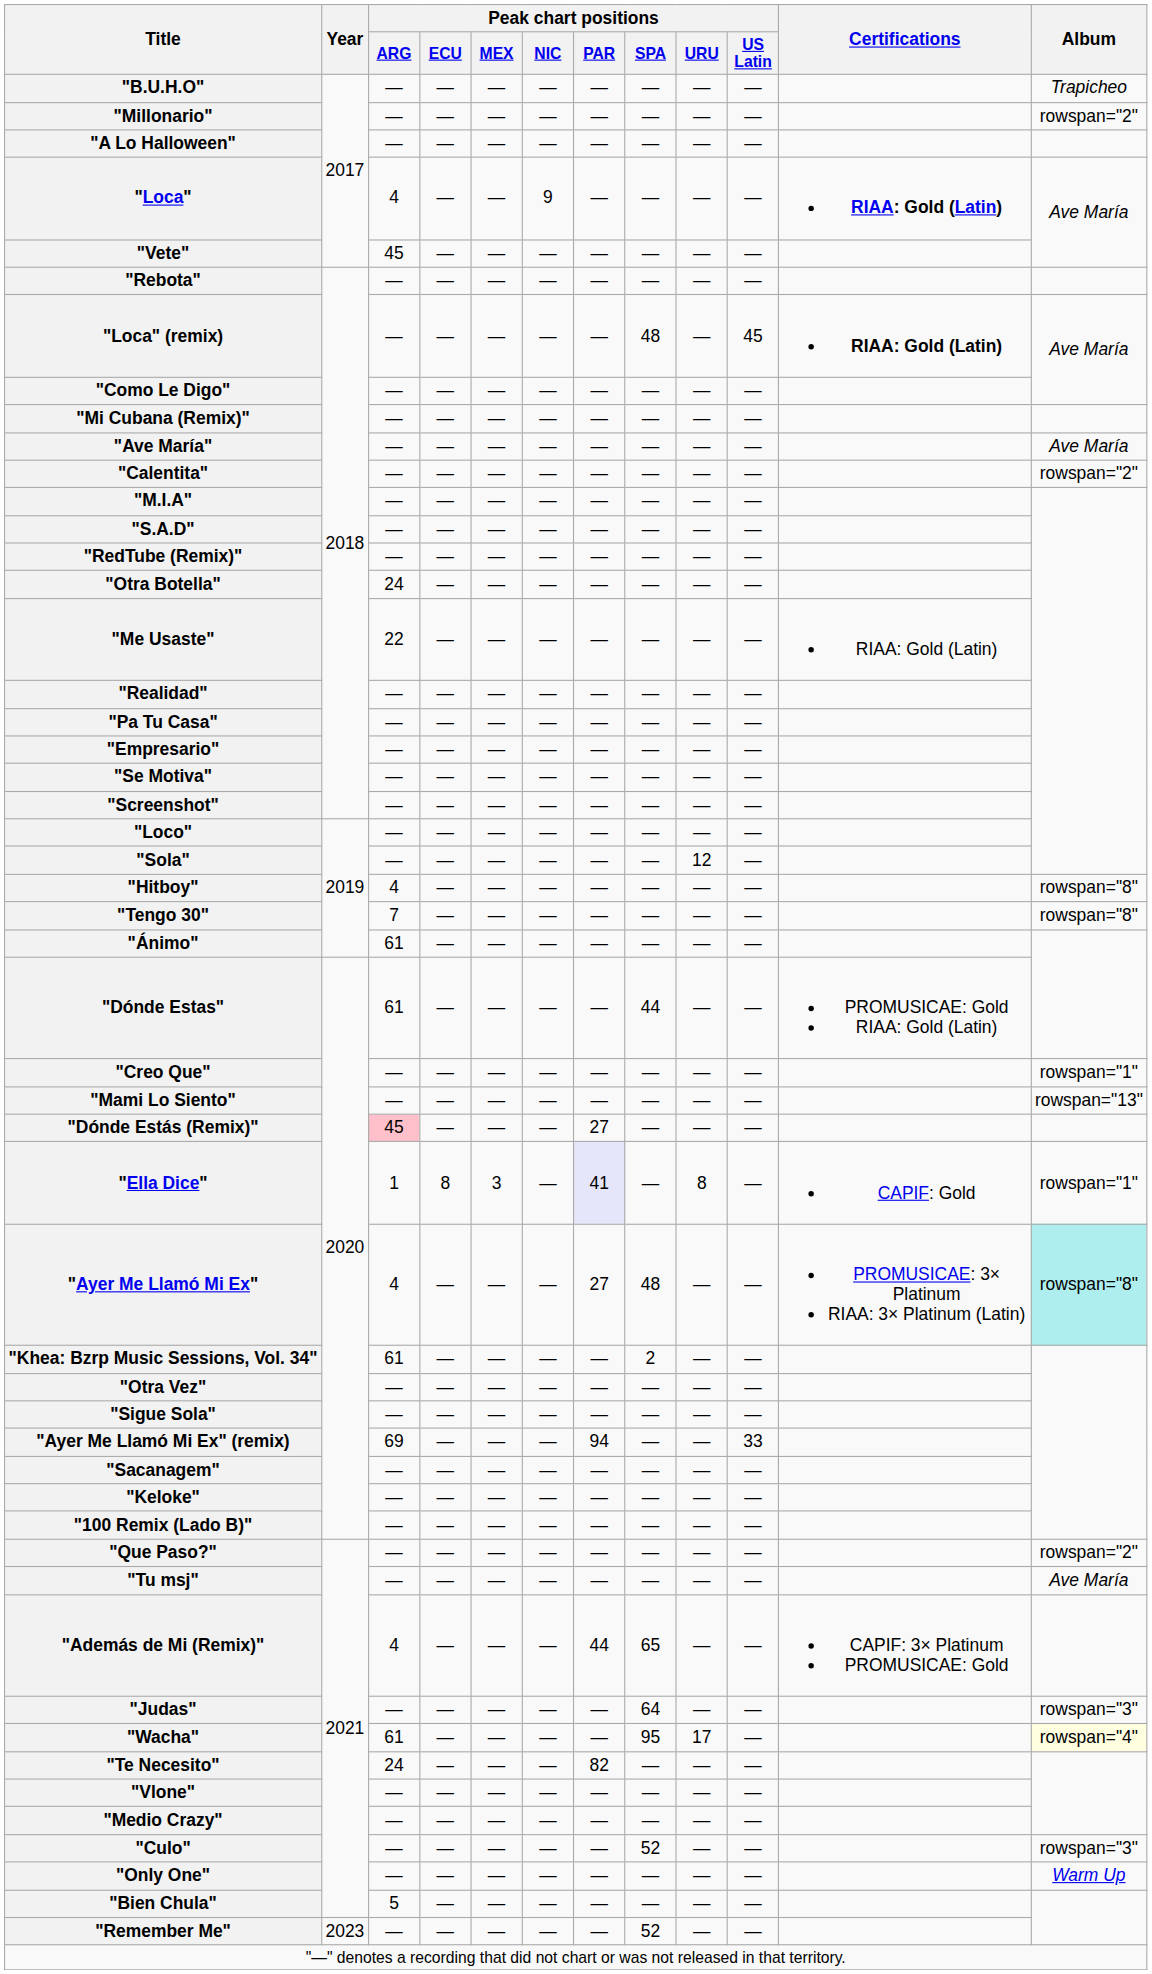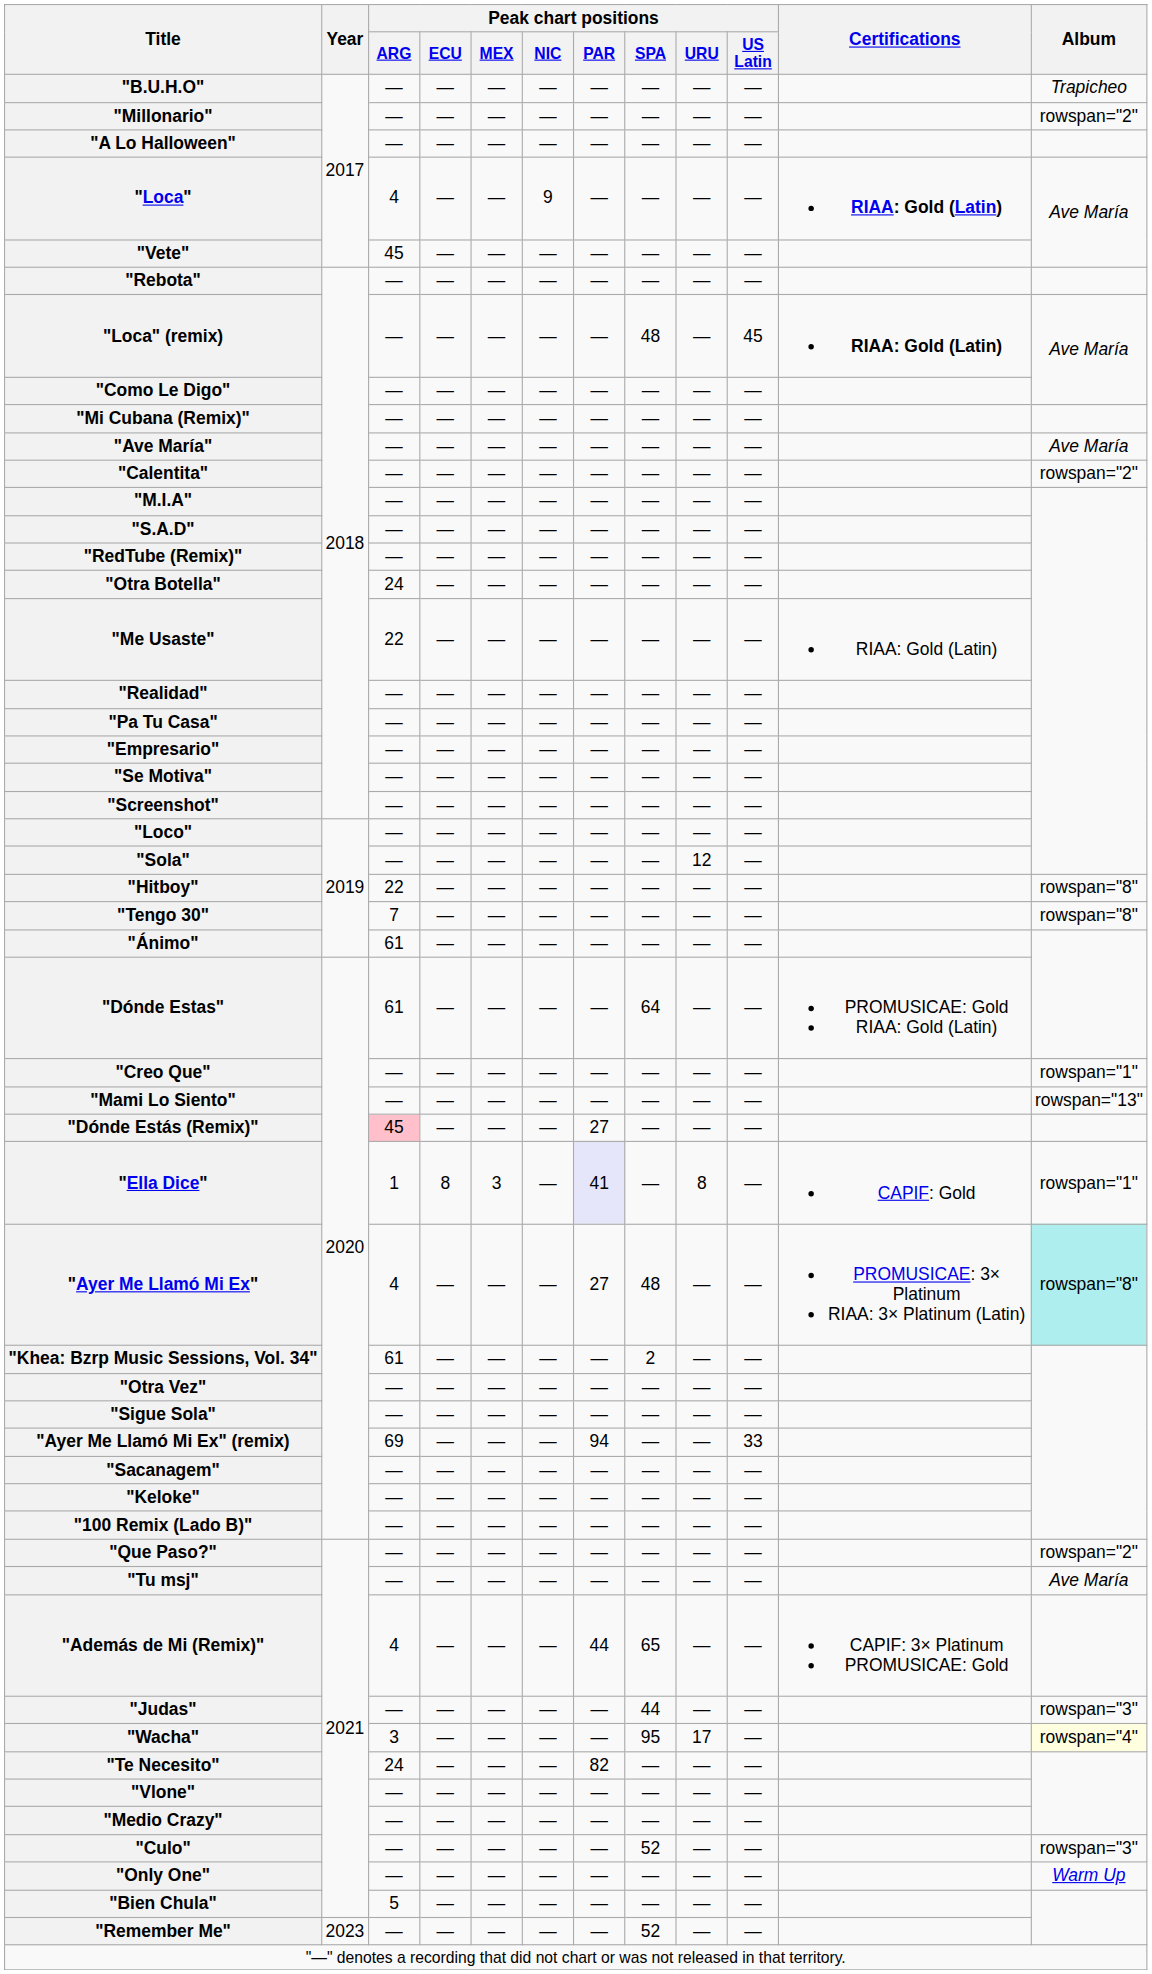 <table class="wikitable plainrowheaders" style="text-align:center;">
 <tr>
 <th scope="col" rowspan="2">Title</th>
 <th scope="col" rowspan="2">Year</th>
 <th scope="col" colspan="8">Peak chart positions</th>
 <th scope="col" rowspan="2" style="width:14em;"><a href='#'>Certifications</a></th>
 <th scope="col" rowspan="2">Album</th>
 </tr>
 <tr>
 <th scope="col" style="width:2.8em;font-size:90%;"><a href='#'>ARG</a><br></th>
 <th scope="col" style="width:2.8em;font-size:90%;"><a href='#'>ECU</a><br></th>
 <th scope="col" style="width:2.8em;font-size:90%;"><a href='#'>MEX</a><br></th>
 <th scope="col" style="width:2.8em;font-size:90%;"><a href='#'>NIC</a><br></th>
 <th scope="col" style="width:2.8em;font-size:90%;"><a href='#'>PAR</a><br></th>
 <th scope="col" style="width:2.8em;font-size:90%;"><a href='#'>SPA</a><br></th>
 <th scope="col" style="width:2.8em;font-size:90%;"><a href='#'>URU</a><br></th>
 <th scope="col" style="width:2.8em;font-size:90%;"><a href='#'>US<br>Latin</a><br></th>
 </tr>
 <tr>
 <th scope="row">"B.U.H.O"<br></th>
 <td rowspan="5">2017</td>
 <td>—</td>
 <td>—</td>
 <td>—</td>
 <td>—</td>
 <td>—</td>
 <td>—</td>
 <td>—</td>
 <td>—</td>
 <td></td>
 <td><em>Trapicheo</em></td>
 </tr>
 <tr>
 <th scope="row">"Millonario"<br></th>
 <td>—</td>
 <td>—</td>
 <td>—</td>
 <td>—</td>
 <td>—</td>
 <td>—</td>
 <td>—</td>
 <td>—</td>
 <td></td>
 <td>rowspan="2" </td>
 </tr>
 <tr>
 <th scope="row">"A Lo Halloween"<br></th>
 <td>—</td>
 <td>—</td>
 <td>—</td>
 <td>—</td>
 <td>—</td>
 <td>—</td>
 <td>—</td>
 <td>—</td>
 <td></td>
 <td></td>
 </tr>
 <tr>
 <th scope="row">"<a href='#'>Loca</a>"<br></th>
 <td>4</td>
 <td>—</td>
 <td>—</td>
 <td>9</td>
 <td>—</td>
 <td>—</td>
 <td>—</td>
 <td>—</td>
 <td><strong><br><ul><li><a href='#'>RIAA</a>: Gold <span>(<a href='#'>Latin</a>)</span></li></ul></strong></td>
 <td rowspan="2"><em>Ave María</em></td>
 </tr>
 <tr>
 <th scope="row">"Vete"</th>
 <td>45</td>
 <td>—</td>
 <td>—</td>
 <td>—</td>
 <td>—</td>
 <td>—</td>
 <td>—</td>
 <td>—</td>
 <td></td>
 </tr>
 <tr>
 <th scope="row">"Rebota"<br></th>
 <td rowspan="16">2018</td>
 <td>—</td>
 <td>—</td>
 <td>—</td>
 <td>—</td>
 <td>—</td>
 <td>—</td>
 <td>—</td>
 <td>—</td>
 <td></td>
 <td></td>
 </tr>
 <tr>
 <th scope="row">"Loca" (remix)<br></th>
 <td>—</td>
 <td>—</td>
 <td>—</td>
 <td>—</td>
 <td>—</td>
 <td>48</td>
 <td>—</td>
 <td>45</td>
 <td><strong><br><ul><li>RIAA: Gold <span>(Latin)</span></li></ul></strong></td>
 <td rowspan="2"><em>Ave María</em></td>
 </tr>
 <tr>
 <th scope="row">"Como Le Digo"</th>
 <td>—</td>
 <td>—</td>
 <td>—</td>
 <td>—</td>
 <td>—</td>
 <td>—</td>
 <td>—</td>
 <td>—</td>
 <td></td>
 </tr>
 <tr>
 <th scope="row">"Mi Cubana (Remix)"<br></th>
 <td>—</td>
 <td>—</td>
 <td>—</td>
 <td>—</td>
 <td>—</td>
 <td>—</td>
 <td>—</td>
 <td>—</td>
 <td></td>
 <td></td>
 </tr>
 <tr>
 <th scope="row">"Ave María"<br></th>
 <td>—</td>
 <td>—</td>
 <td>—</td>
 <td>—</td>
 <td>—</td>
 <td>—</td>
 <td>—</td>
 <td>—</td>
 <td></td>
 <td><em>Ave María</em></td>
 </tr>
 <tr>
 <th scope="row">"Calentita"<br></th>
 <td>—</td>
 <td>—</td>
 <td>—</td>
 <td>—</td>
 <td>—</td>
 <td>—</td>
 <td>—</td>
 <td>—</td>
 <td></td>
 <td>rowspan="2" </td>
 </tr>
 <tr>
 <th scope="row">"M.I.A"<br></th>
 <td>—</td>
 <td>—</td>
 <td>—</td>
 <td>—</td>
 <td>—</td>
 <td>—</td>
 <td>—</td>
 <td>—</td>
 <td></td>
 </tr>
 <tr>
 <th scope="row">"S.A.D"</th>
 <td>—</td>
 <td>—</td>
 <td>—</td>
 <td>—</td>
 <td>—</td>
 <td>—</td>
 <td>—</td>
 <td>—</td>
 <td></td>
 </tr>
 <tr>
 <th scope="row">"RedTube (Remix)"<br></th>
 <td>—</td>
 <td>—</td>
 <td>—</td>
 <td>—</td>
 <td>—</td>
 <td>—</td>
 <td>—</td>
 <td>—</td>
 <td></td>
 </tr>
 <tr>
 <th scope="row">"Otra Botella"<br></th>
 <td>24</td>
 <td>—</td>
 <td>—</td>
 <td>—</td>
 <td>—</td>
 <td>—</td>
 <td>—</td>
 <td>—</td>
 <td></td>
 </tr>
 <tr>
 <th scope="row">"Me Usaste"<br></th>
 <td>22</td>
 <td>—</td>
 <td>—</td>
 <td>—</td>
 <td>—</td>
 <td>—</td>
 <td>—</td>
 <td>—</td>
 <td><br><ul><li>RIAA: Gold <span>(Latin)</span></li></ul></td>
 </tr>
 <tr>
 <th scope="row">"Realidad"</th>
 <td>—</td>
 <td>—</td>
 <td>—</td>
 <td>—</td>
 <td>—</td>
 <td>—</td>
 <td>—</td>
 <td>—</td>
 <td></td>
 </tr>
 <tr>
 <th scope="row">"Pa Tu Casa"<br></th>
 <td>—</td>
 <td>—</td>
 <td>—</td>
 <td>—</td>
 <td>—</td>
 <td>—</td>
 <td>—</td>
 <td>—</td>
 <td></td>
 </tr>
 <tr>
 <th scope="row">"Empresario"<br></th>
 <td>—</td>
 <td>—</td>
 <td>—</td>
 <td>—</td>
 <td>—</td>
 <td>—</td>
 <td>—</td>
 <td>—</td>
 <td></td>
 </tr>
 <tr>
 <th scope="row">"Se Motiva"<br></th>
 <td>—</td>
 <td>—</td>
 <td>—</td>
 <td>—</td>
 <td>—</td>
 <td>—</td>
 <td>—</td>
 <td>—</td>
 <td></td>
 </tr>
 <tr>
 <th scope="row">"Screenshot"</th>
 <td>—</td>
 <td>—</td>
 <td>—</td>
 <td>—</td>
 <td>—</td>
 <td>—</td>
 <td>—</td>
 <td>—</td>
 <td></td>
 </tr>
 <tr>
 <th scope="row">"Loco"<br></th>
 <td rowspan="5">2019</td>
 <td>—</td>
 <td>—</td>
 <td>—</td>
 <td>—</td>
 <td>—</td>
 <td>—</td>
 <td>—</td>
 <td>—</td>
 <td></td>
 </tr>
 <tr>
 <th scope="row">"Sola"<br></th>
 <td>—</td>
 <td>—</td>
 <td>—</td>
 <td>—</td>
 <td>—</td>
 <td>—</td>
 <td>12</td>
 <td>—</td>
 <td></td>
 </tr>
 <tr>
 <th scope="row">"Hitboy"<br></th>
-<td>4</td>
+<td>22</td>
 <td>—</td>
 <td>—</td>
 <td>—</td>
 <td>—</td>
 <td>—</td>
 <td>—</td>
 <td>—</td>
 <td></td>
 <td>rowspan="8" </td>
 </tr>
 <tr>
 <th scope="row">"Tengo 30"<br></th>
 <td>7</td>
 <td>—</td>
 <td>—</td>
 <td>—</td>
 <td>—</td>
 <td>—</td>
 <td>—</td>
 <td>—</td>
 <td></td>
 <td>rowspan="8" </td>
 </tr>
 <tr>
 <th scope="row">"Ánimo"<br></th>
 <td>61</td>
 <td>—</td>
 <td>—</td>
 <td>—</td>
 <td>—</td>
 <td>—</td>
 <td>—</td>
 <td>—</td>
 <td></td>
 </tr>
 <tr>
 <th scope="row">"Dónde Estas"</th>
 <td rowspan="13">2020</td>
 <td>61</td>
 <td>—</td>
 <td>—</td>
 <td>—</td>
 <td>—</td>
-<td>44</td>
+<td>64</td>
 <td>—</td>
 <td>—</td>
 <td><br><ul><li>PROMUSICAE: Gold</li><li>RIAA: Gold <span>(Latin)</span></li></ul></td>
 </tr>
 <tr>
 <th scope="row">"Creo Que"<br></th>
 <td>—</td>
 <td>—</td>
 <td>—</td>
 <td>—</td>
 <td>—</td>
 <td>—</td>
 <td>—</td>
 <td>—</td>
 <td></td>
 <td>rowspan="1" </td>
 </tr>
 <tr>
 <th scope="row">"Mami Lo Siento"</th>
 <td>—</td>
 <td>—</td>
 <td>—</td>
 <td>—</td>
 <td>—</td>
 <td>—</td>
 <td>—</td>
 <td>—</td>
 <td></td>
 <td>rowspan="13" </td>
 </tr>
 <tr>
 <th scope="row">"Dónde Estás (Remix)"<br></th>
 <td style="background: pink;">45</td>
 <td>—</td>
 <td>—</td>
 <td>—</td>
 <td>27</td>
 <td>—</td>
 <td>—</td>
 <td>—</td>
 <td></td>
 </tr>
 <tr>
 <th scope="row">"<a href='#'>Ella Dice</a>"<br></th>
 <td>1</td>
 <td>8</td>
 <td>3</td>
 <td>—</td>
 <td style="background: lavender;">41</td>
 <td>—</td>
 <td>8</td>
 <td>—</td>
 <td><br><ul><li><a href='#'>CAPIF</a>: Gold</li></ul></td>
 <td>rowspan="1" </td>
 </tr>
 <tr>
 <th scope="row">"<a href='#'>Ayer Me Llamó Mi Ex</a>"<br></th>
 <td>4</td>
 <td>—</td>
 <td>—</td>
 <td>—</td>
 <td>27</td>
 <td>48</td>
 <td>—</td>
 <td>—</td>
 <td><br><ul><li><a href='#'>PROMUSICAE</a>: 3× Platinum</li><li>RIAA: 3× Platinum <span>(Latin)</span></li></ul></td>
 <td style="background: paleturquoise;">rowspan="8" </td>
 </tr>
 <tr>
 <th scope="row">"Khea: Bzrp Music Sessions, Vol. 34"<br></th>
 <td>61</td>
 <td>—</td>
 <td>—</td>
 <td>—</td>
 <td>—</td>
 <td>2</td>
 <td>—</td>
 <td>—</td>
 <td></td>
 </tr>
 <tr>
 <th scope="row">"Otra Vez"<br></th>
 <td>—</td>
 <td>—</td>
 <td>—</td>
 <td>—</td>
 <td>—</td>
 <td>—</td>
 <td>—</td>
 <td>—</td>
 <td></td>
 </tr>
 <tr>
 <th scope="row">"Sigue Sola"<br></th>
 <td>—</td>
 <td>—</td>
 <td>—</td>
 <td>—</td>
 <td>—</td>
 <td>—</td>
 <td>—</td>
 <td>—</td>
 <td></td>
 </tr>
 <tr>
 <th scope="row">"Ayer Me Llamó Mi Ex" (remix)<br></th>
 <td>69</td>
 <td>—</td>
 <td>—</td>
 <td>—</td>
 <td>94</td>
 <td>—</td>
 <td>—</td>
 <td>33</td>
 <td></td>
 </tr>
 <tr>
 <th scope="row">"Sacanagem"<br></th>
 <td>—</td>
 <td>—</td>
 <td>—</td>
 <td>—</td>
 <td>—</td>
 <td>—</td>
 <td>—</td>
 <td>—</td>
 <td></td>
 </tr>
 <tr>
 <th scope="row">"Keloke"</th>
 <td>—</td>
 <td>—</td>
 <td>—</td>
 <td>—</td>
 <td>—</td>
 <td>—</td>
 <td>—</td>
 <td>—</td>
 <td></td>
 </tr>
 <tr>
 <th scope="row">"100 Remix (Lado B)"<br></th>
 <td>—</td>
 <td>—</td>
 <td>—</td>
 <td>—</td>
 <td>—</td>
 <td>—</td>
 <td>—</td>
 <td>—</td>
 <td></td>
 </tr>
 <tr>
 <th scope="row">"Que Paso?"<br></th>
 <td rowspan="11">2021</td>
 <td>—</td>
 <td>—</td>
 <td>—</td>
 <td>—</td>
 <td>—</td>
 <td>—</td>
 <td>—</td>
 <td>—</td>
 <td></td>
 <td>rowspan="2" </td>
 </tr>
 <tr>
 <th scope="row">"Tu msj"</th>
 <td>—</td>
 <td>—</td>
 <td>—</td>
 <td>—</td>
 <td>—</td>
 <td>—</td>
 <td>—</td>
 <td>—</td>
 <td></td>
 <td><em>Ave María</em></td>
 </tr>
 <tr>
 <th scope="row">"Además de Mi (Remix)"<br></th>
 <td>4</td>
 <td>—</td>
 <td>—</td>
 <td>—</td>
 <td>44</td>
 <td>65</td>
 <td>—</td>
 <td>—</td>
 <td><br><ul><li>CAPIF: 3× Platinum</li><li>PROMUSICAE: Gold</li></ul></td>
 </tr>
 <tr>
 <th scope="row">"Judas"<br></th>
 <td>—</td>
 <td>—</td>
 <td>—</td>
 <td>—</td>
 <td>—</td>
-<td>64</td>
+<td>44</td>
 <td>—</td>
 <td>—</td>
 <td></td>
 <td>rowspan="3" </td>
 </tr>
 <tr>
 <th scope="row">"Wacha"<br></th>
-<td>61</td>
+<td>3</td>
 <td>—</td>
 <td>—</td>
 <td>—</td>
 <td>—</td>
 <td>95</td>
 <td>17</td>
 <td>—</td>
 <td></td>
 <td style="background: lightyellow;">rowspan="4" </td>
 </tr>
 <tr>
 <th scope="row">"Te Necesito"<br></th>
 <td>24</td>
 <td>—</td>
 <td>—</td>
 <td>—</td>
 <td>82</td>
 <td>—</td>
 <td>—</td>
 <td>—</td>
 <td></td>
 </tr>
 <tr>
 <th scope="row">"Vlone"<br></th>
 <td>—</td>
 <td>—</td>
 <td>—</td>
 <td>—</td>
 <td>—</td>
 <td>—</td>
 <td>—</td>
 <td>—</td>
 <td></td>
 </tr>
 <tr>
 <th scope="row">"Medio Crazy"<br></th>
 <td>—</td>
 <td>—</td>
 <td>—</td>
 <td>—</td>
 <td>—</td>
 <td>—</td>
 <td>—</td>
 <td>—</td>
 <td></td>
 </tr>
 <tr>
 <th scope="row">"Culo"<br></th>
 <td>—</td>
 <td>—</td>
 <td>—</td>
 <td>—</td>
 <td>—</td>
 <td>52</td>
 <td>—</td>
 <td>—</td>
 <td></td>
 <td>rowspan="3" </td>
 </tr>
 <tr>
 <th scope="row">"Only One"<br></th>
 <td>—</td>
 <td>—</td>
 <td>—</td>
 <td>—</td>
 <td>—</td>
 <td>—</td>
 <td>—</td>
 <td>—</td>
 <td></td>
 <td><em><a href='#'>Warm Up</a></em></td>
 </tr>
 <tr>
 <th scope="row">"Bien Chula"</th>
 <td>5</td>
 <td>—</td>
 <td>—</td>
 <td>—</td>
 <td>—</td>
 <td>—</td>
 <td>—</td>
 <td>—</td>
 <td></td>
 </tr>
 <tr>
 <th scope="row">"Remember Me"<br></th>
 <td>2023</td>
 <td>—</td>
 <td>—</td>
 <td>—</td>
 <td>—</td>
 <td>—</td>
 <td>52</td>
 <td>—</td>
 <td>—</td>
 <td></td>
 </tr>
 <tr>
 <td colspan="12" style="font-size:90%">"—" denotes a recording that did not chart or was not released in that territory.</td>
 </tr>
 </table>
